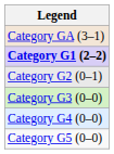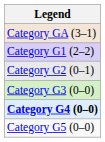 <table class="sortable wikitable" style=font-size:90%>
 <tr>
 <th>Legend</th>
 </tr>
 <tr style="background:#F3E6D7">
 <td><a href='#'>Category GA</a> (3–1)</td>
 </tr>
 <tr style="background:#d8cef6">
-<td><strong><a href='#'>Category G1</a> (2–2)</strong></td>
+<td><a href='#'>Category G1</a> (2–2)</td>
 </tr>
 <tr style="background:#e9e9e9">
 <td><a href='#'>Category G2</a> (0–1)</td>
 </tr>
 <tr style="background:#D4F1C5">
 <td><a href='#'>Category G3</a> (0–0)</td>
 </tr>
 <tr style="background:#dfeeff">
-<td><a href='#'>Category G4</a> (0–0)</td>
+<td><strong><a href='#'>Category G4</a> (0–0)</strong></td>
 </tr>
 <tr>
 <td><a href='#'>Category G5</a> (0–0)</td>
 </tr>
 </table>
